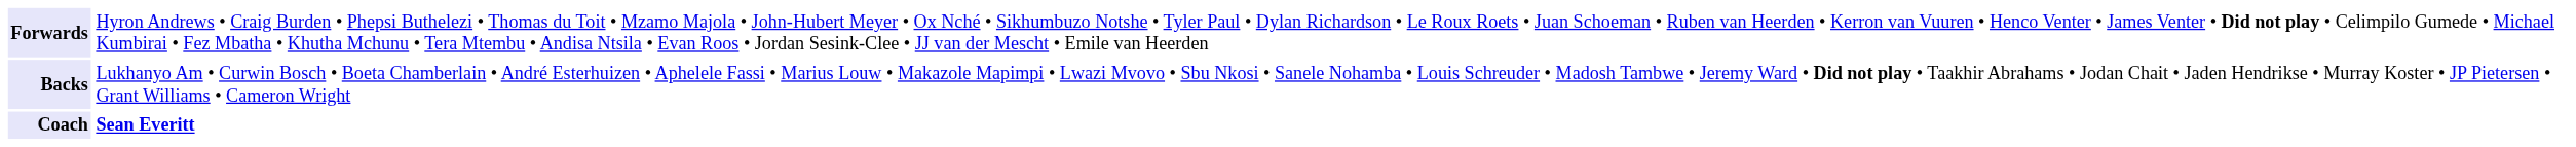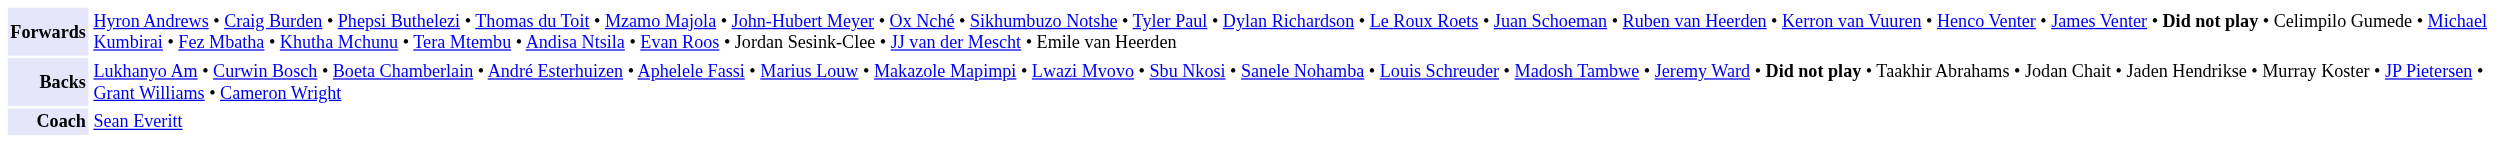 <table cellpadding="2" style="border: 1px solid white; font-size:90%;">
 <tr>
 <td style="text-align:right;" bgcolor="lavender"><strong>Forwards</strong></td>
 <td style="text-align:left;"><a href='#'>Hyron Andrews</a> • <a href='#'>Craig Burden</a> • <a href='#'>Phepsi Buthelezi</a> • <a href='#'>Thomas du Toit</a> • <a href='#'>Mzamo Majola</a> • <a href='#'>John-Hubert Meyer</a> • <a href='#'>Ox Nché</a> • <a href='#'>Sikhumbuzo Notshe</a> • <a href='#'>Tyler Paul</a> • <a href='#'>Dylan Richardson</a> • <a href='#'>Le Roux Roets</a> • <a href='#'>Juan Schoeman</a> • <a href='#'>Ruben van Heerden</a> • <a href='#'>Kerron van Vuuren</a> • <a href='#'>Henco Venter</a> • <a href='#'>James Venter</a> • <strong>Did not play</strong> • Celimpilo Gumede • <a href='#'>Michael Kumbirai</a> • <a href='#'>Fez Mbatha</a> • <a href='#'>Khutha Mchunu</a> • <a href='#'>Tera Mtembu</a> • <a href='#'>Andisa Ntsila</a> • <a href='#'>Evan Roos</a> • Jordan Sesink-Clee • <a href='#'>JJ van der Mescht</a> • Emile van Heerden</td>
 </tr>
 <tr>
 <td style="text-align:right;" bgcolor="lavender"><strong>Backs</strong></td>
 <td style="text-align:left;"><a href='#'>Lukhanyo Am</a> • <a href='#'>Curwin Bosch</a> • <a href='#'>Boeta Chamberlain</a> • <a href='#'>André Esterhuizen</a> • <a href='#'>Aphelele Fassi</a> • <a href='#'>Marius Louw</a> • <a href='#'>Makazole Mapimpi</a> • <a href='#'>Lwazi Mvovo</a> • <a href='#'>Sbu Nkosi</a> • <a href='#'>Sanele Nohamba</a> • <a href='#'>Louis Schreuder</a> • <a href='#'>Madosh Tambwe</a> • <a href='#'>Jeremy Ward</a> • <strong>Did not play</strong> • Taakhir Abrahams • Jodan Chait • Jaden Hendrikse • Murray Koster • <a href='#'>JP Pietersen</a> • <a href='#'>Grant Williams</a> • <a href='#'>Cameron Wright</a></td>
 </tr>
 <tr>
 <td style="text-align:right;" bgcolor="lavender"><strong>Coach</strong></td>
-<td style="text-align:left;"><strong><a href='#'>Sean Everitt</a></strong></td>
+<td style="text-align:left;"><a href='#'>Sean Everitt</a></td>
 </tr>
 </table>
